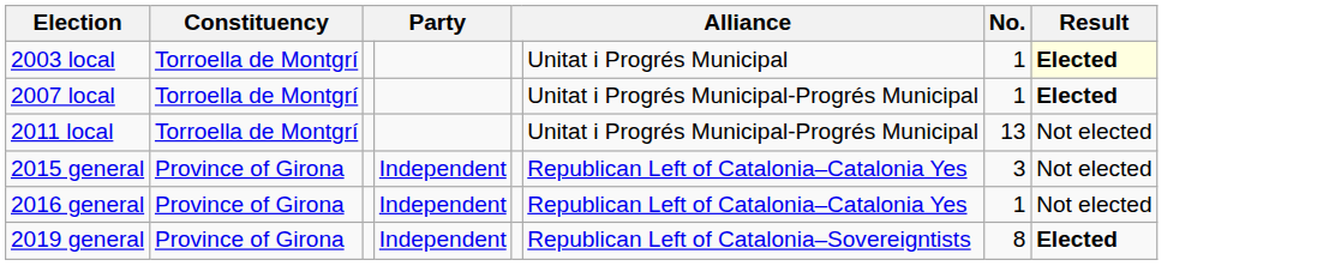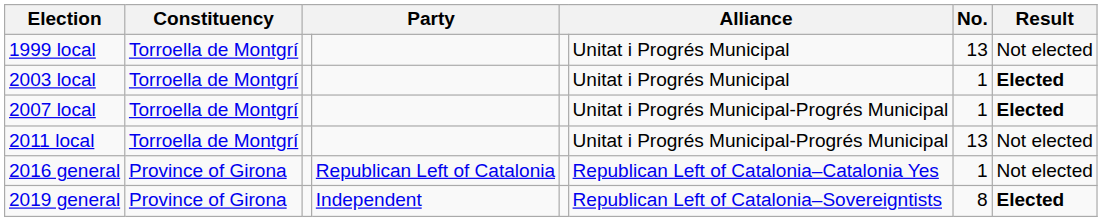 <table class="wikitable" style="text-align:left;">
 <tr>
 <th scope=col>Election</th>
 <th scope=col>Constituency</th>
 <th scope=col colspan="2">Party</th>
 <th scope=col colspan="2">Alliance</th>
 <th scope=col>No.</th>
 <th scope=col>Result</th>
 </tr>
 <tr>
+<td><a href='#'>1999 local</a></td>
+<td><a href='#'>Torroella de Montgrí</a></td>
+<td></td>
+<td></td>
+<td></td>
+<td>Unitat i Progrés Municipal</td>
+<td align=right>13</td>
+<td>Not elected</td>
+</tr>
+<tr>
 <td><a href='#'>2003 local</a></td>
 <td><a href='#'>Torroella de Montgrí</a></td>
 <td></td>
 <td></td>
 <td></td>
 <td>Unitat i Progrés Municipal</td>
 <td align=right>1</td>
-<td style="background: lightyellow;"><strong>Elected</strong></td>
+<td><strong>Elected</strong></td>
 </tr>
 <tr>
 <td><a href='#'>2007 local</a></td>
 <td><a href='#'>Torroella de Montgrí</a></td>
 <td></td>
 <td></td>
 <td></td>
 <td>Unitat i Progrés Municipal-Progrés Municipal</td>
 <td align=right>1</td>
 <td><strong>Elected</strong></td>
 </tr>
 <tr>
 <td><a href='#'>2011 local</a></td>
 <td><a href='#'>Torroella de Montgrí</a></td>
 <td></td>
 <td></td>
 <td></td>
 <td>Unitat i Progrés Municipal-Progrés Municipal</td>
 <td align=right>13</td>
 <td>Not elected</td>
 </tr>
 <tr>
-<td><a href='#'>2015 general</a></td>
-<td><a href='#'>Province of Girona</a></td>
-<td style="background:"></td>
-<td><a href='#'>Independent</a></td>
-<td style="background:"></td>
-<td><a href='#'>Republican Left of Catalonia–Catalonia Yes</a></td>
-<td align=right>3</td>
-<td>Not elected</td>
-</tr>
-<tr>
 <td><a href='#'>2016 general</a></td>
 <td><a href='#'>Province of Girona</a></td>
 <td style="background:"></td>
-<td><a href='#'>Independent</a></td>
+<td><a href='#'>Republican Left of Catalonia</a></td>
 <td style="background:"></td>
 <td><a href='#'>Republican Left of Catalonia–Catalonia Yes</a></td>
 <td align=right>1</td>
 <td>Not elected</td>
 </tr>
 <tr>
 <td><a href='#'>2019 general</a></td>
 <td><a href='#'>Province of Girona</a></td>
 <td style="background:"></td>
 <td><a href='#'>Independent</a></td>
 <td style="background:"></td>
 <td><a href='#'>Republican Left of Catalonia–Sovereigntists</a></td>
 <td align=right>8</td>
 <td><strong>Elected</strong></td>
 </tr>
 </table>
